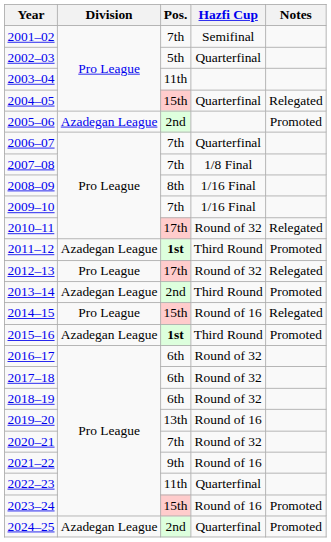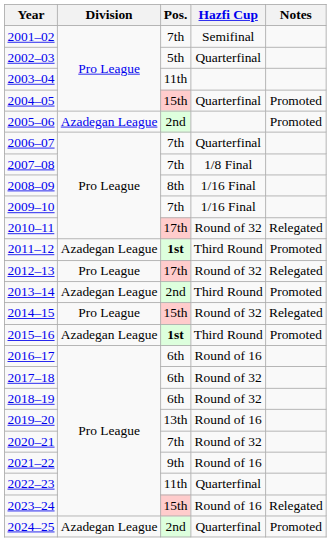 <table class="wikitable">
 <tr>
 <th>Year</th>
 <th>Division</th>
 <th>Pos.</th>
 <th><a href='#'>Hazfi Cup</a></th>
 <th>Notes</th>
 </tr>
 <tr align="center">
 <td><a href='#'>2001–02</a></td>
 <td rowspan="4"><a href='#'>Pro League</a></td>
 <td style="text-align:center;">7th</td>
 <td>Semifinal</td>
 <td></td>
 </tr>
 <tr align="center">
 <td><a href='#'>2002–03</a></td>
 <td style="text-align:center;">5th</td>
 <td>Quarterfinal</td>
 <td></td>
 </tr>
 <tr align="center"|- align="center">
 <td><a href='#'>2003–04</a></td>
 <td style="text-align:center;">11th</td>
 <td></td>
 <td></td>
 </tr>
 <tr align="center"|- align="center">
 <td><a href='#'>2004–05</a></td>
 <td style="text-align:center; background:#fcc;">15th</td>
 <td>Quarterfinal</td>
-<td>Relegated</td>
+<td>Promoted</td>
 </tr>
 <tr align="center"|- align="center">
 <td><a href='#'>2005–06</a></td>
 <td><a href='#'>Azadegan League</a></td>
 <td style="text-align:center; background:#dfd;">2nd</td>
 <td></td>
 <td>Promoted</td>
 </tr>
 <tr align="center"|- align="center">
 <td><a href='#'>2006–07</a></td>
 <td rowspan="5">Pro League</td>
 <td style="text-align:center;">7th</td>
 <td>Quarterfinal</td>
 <td></td>
 </tr>
 <tr align="center"|- align="center">
 <td><a href='#'>2007–08</a></td>
 <td style="text-align:center;">7th</td>
 <td>1/8 Final</td>
 <td></td>
 </tr>
 <tr align="center">
 <td><a href='#'>2008–09</a></td>
 <td style="text-align:center;">8th</td>
 <td>1/16 Final</td>
 <td></td>
 </tr>
 <tr align="center">
 <td><a href='#'>2009–10</a></td>
 <td style="text-align:center;">7th</td>
 <td>1/16 Final</td>
 <td></td>
 </tr>
 <tr align="center">
 <td><a href='#'>2010–11</a></td>
 <td style="text-align:center; background:#fcc;">17th</td>
 <td>Round of 32</td>
 <td>Relegated</td>
 </tr>
 <tr align="center">
 <td><a href='#'>2011–12</a></td>
 <td>Azadegan League</td>
 <td style="text-align:center; background:#dfd;"><strong>1st</strong></td>
 <td>Third Round</td>
 <td>Promoted</td>
 </tr>
 <tr align="center">
 <td><a href='#'>2012–13</a></td>
 <td>Pro League</td>
 <td style="text-align:center; background:#fcc;">17th</td>
 <td>Round of 32</td>
 <td>Relegated</td>
 </tr>
 <tr align="center">
 <td><a href='#'>2013–14</a></td>
 <td>Azadegan League</td>
 <td style="text-align:center; background:#dfd;">2nd</td>
 <td>Third Round</td>
 <td>Promoted</td>
 </tr>
 <tr align="center">
 <td><a href='#'>2014–15</a></td>
 <td>Pro League</td>
 <td style="text-align:center; background:#fcc;">15th</td>
-<td>Round of 16</td>
+<td>Round of 32</td>
 <td>Relegated</td>
 </tr>
 <tr align="center">
 <td><a href='#'>2015–16</a></td>
 <td>Azadegan League</td>
 <td style="text-align:center; background:#dfd;"><strong>1st</strong></td>
 <td>Third Round</td>
 <td>Promoted</td>
 </tr>
 <tr align="center">
 <td><a href='#'>2016–17</a></td>
 <td rowspan="8">Pro League</td>
 <td style="text-align:center;">6th</td>
-<td>Round of 32</td>
+<td>Round of 16</td>
 <td></td>
 </tr>
 <tr align="center">
 <td><a href='#'>2017–18</a></td>
 <td style="text-align:center;">6th</td>
 <td>Round of 32</td>
 <td></td>
 </tr>
 <tr align="center">
 <td><a href='#'>2018–19</a></td>
 <td style="text-align:center;">6th</td>
 <td>Round of 32</td>
 <td></td>
 </tr>
 <tr align="center">
 <td><a href='#'>2019–20</a></td>
 <td style="text-align:center;">13th</td>
 <td>Round of 16</td>
 <td></td>
 </tr>
 <tr align="center">
 <td><a href='#'>2020–21</a></td>
 <td style="text-align:center;">7th</td>
 <td>Round of 32</td>
 <td></td>
 </tr>
 <tr align="center">
 <td><a href='#'>2021–22</a></td>
 <td style="text-align:center;">9th</td>
 <td>Round of 16</td>
 <td></td>
 </tr>
 <tr align="center">
 <td><a href='#'>2022–23</a></td>
 <td style="text-align:center;">11th</td>
 <td>Quarterfinal</td>
 <td></td>
 </tr>
 <tr align="center">
 <td><a href='#'>2023–24</a></td>
 <td style="text-align:center; background:#fcc;">15th</td>
 <td>Round of 16</td>
-<td>Promoted</td>
+<td>Relegated</td>
 </tr>
 <tr align="center">
 <td><a href='#'>2024–25</a></td>
 <td>Azadegan League</td>
 <td style="text-align:center; background:#dfd;">2nd</td>
 <td>Quarterfinal</td>
 <td>Promoted</td>
 </tr>
 </table>
